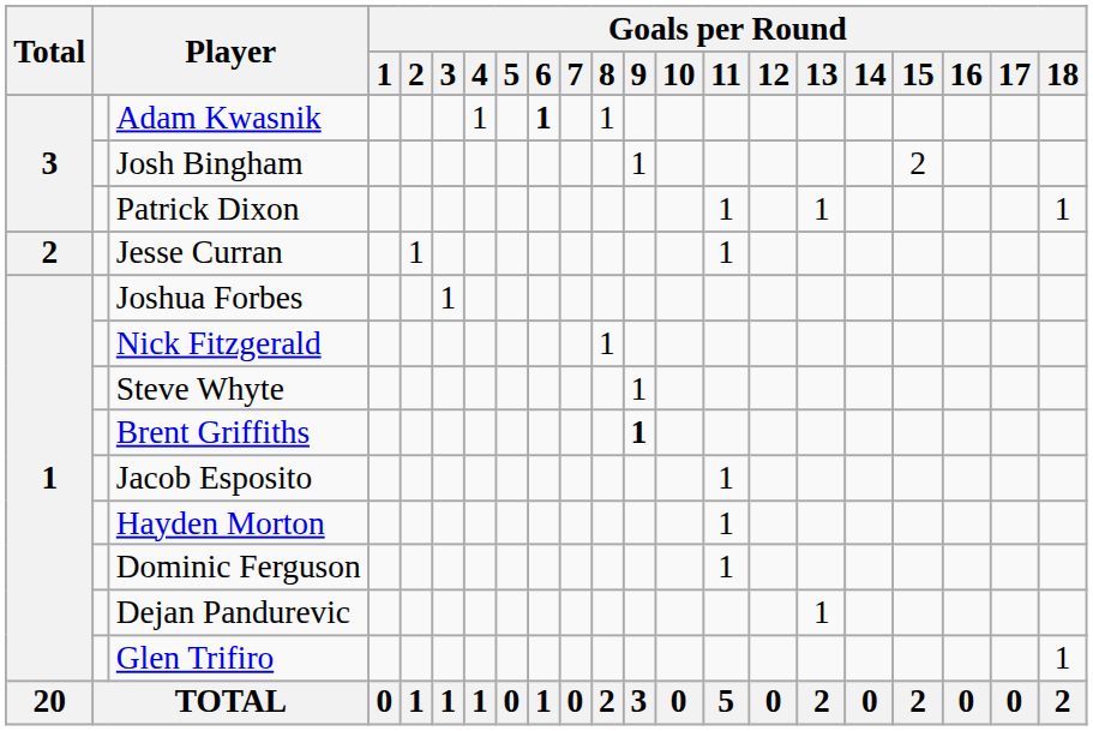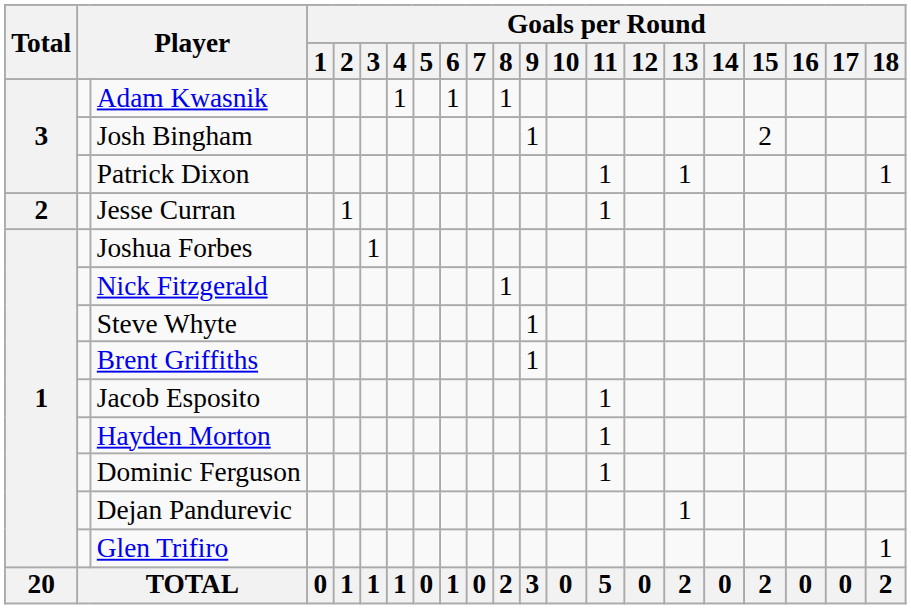 <table class="wikitable" style="text-align:center; line-height: 90%; font-size:90%;">
 <tr>
 <th rowspan="2">Total</th>
 <th rowspan="2" colspan="2">Player</th>
 <th colspan="34">Goals per Round</th>
 </tr>
 <tr>
 <th>1</th>
 <th>2</th>
 <th>3</th>
 <th>4</th>
 <th>5</th>
 <th>6</th>
 <th>7</th>
 <th>8</th>
 <th>9</th>
 <th>10</th>
 <th>11</th>
 <th>12</th>
 <th>13</th>
 <th>14</th>
 <th>15</th>
 <th>16</th>
 <th>17</th>
 <th>18</th>
 </tr>
 <tr>
 <th rowspan="3">3</th>
 <td></td>
 <td style="text-align:left;"><a href='#'>Adam Kwasnik</a></td>
 <td></td>
 <td></td>
 <td></td>
 <td>1</td>
 <td></td>
-<td><strong>1</strong></td>
+<td>1</td>
 <td></td>
 <td>1</td>
 <td></td>
 <td></td>
 <td></td>
 <td></td>
 <td></td>
 <td></td>
 <td></td>
 <td></td>
 <td></td>
 <td></td>
 </tr>
 <tr>
 <td></td>
 <td style="text-align:left;">Josh Bingham</td>
 <td></td>
 <td></td>
 <td></td>
 <td></td>
 <td></td>
 <td></td>
 <td></td>
 <td></td>
 <td>1</td>
 <td></td>
 <td></td>
 <td></td>
 <td></td>
 <td></td>
 <td>2</td>
 <td></td>
 <td></td>
 <td></td>
 </tr>
 <tr>
 <td></td>
 <td style="text-align:left;">Patrick Dixon</td>
 <td></td>
 <td></td>
 <td></td>
 <td></td>
 <td></td>
 <td></td>
 <td></td>
 <td></td>
 <td></td>
 <td></td>
 <td>1</td>
 <td></td>
 <td>1</td>
 <td></td>
 <td></td>
 <td></td>
 <td></td>
 <td>1</td>
 </tr>
 <tr>
 <th rowspan="1">2</th>
 <td></td>
 <td style="text-align:left;">Jesse Curran</td>
 <td></td>
 <td>1</td>
 <td></td>
 <td></td>
 <td></td>
 <td></td>
 <td></td>
 <td></td>
 <td></td>
 <td></td>
 <td>1</td>
 <td></td>
 <td></td>
 <td></td>
 <td></td>
 <td></td>
 <td></td>
 <td></td>
 </tr>
 <tr>
 <th rowspan="9">1</th>
 <td></td>
 <td style="text-align:left;">Joshua Forbes</td>
 <td></td>
 <td></td>
 <td>1</td>
 <td></td>
 <td></td>
 <td></td>
 <td></td>
 <td></td>
 <td></td>
 <td></td>
 <td></td>
 <td></td>
 <td></td>
 <td></td>
 <td></td>
 <td></td>
 <td></td>
 <td></td>
 </tr>
 <tr>
 <td></td>
 <td style="text-align:left;"><a href='#'>Nick Fitzgerald</a></td>
 <td></td>
 <td></td>
 <td></td>
 <td></td>
 <td></td>
 <td></td>
 <td></td>
 <td>1</td>
 <td></td>
 <td></td>
 <td></td>
 <td></td>
 <td></td>
 <td></td>
 <td></td>
 <td></td>
 <td></td>
 <td></td>
 </tr>
 <tr>
 <td></td>
 <td style="text-align:left;">Steve Whyte</td>
 <td></td>
 <td></td>
 <td></td>
 <td></td>
 <td></td>
 <td></td>
 <td></td>
 <td></td>
 <td>1</td>
 <td></td>
 <td></td>
 <td></td>
 <td></td>
 <td></td>
 <td></td>
 <td></td>
 <td></td>
 <td></td>
 </tr>
 <tr>
 <td></td>
 <td style="text-align:left;"><a href='#'>Brent Griffiths</a></td>
 <td></td>
 <td></td>
 <td></td>
 <td></td>
 <td></td>
 <td></td>
 <td></td>
 <td></td>
-<td><strong>1</strong></td>
+<td>1</td>
 <td></td>
 <td></td>
 <td></td>
 <td></td>
 <td></td>
 <td></td>
 <td></td>
 <td></td>
 <td></td>
 </tr>
 <tr>
 <td></td>
 <td style="text-align:left;">Jacob Esposito</td>
 <td></td>
 <td></td>
 <td></td>
 <td></td>
 <td></td>
 <td></td>
 <td></td>
 <td></td>
 <td></td>
 <td></td>
 <td>1</td>
 <td></td>
 <td></td>
 <td></td>
 <td></td>
 <td></td>
 <td></td>
 <td></td>
 </tr>
 <tr>
 <td></td>
 <td style="text-align:left;"><a href='#'>Hayden Morton</a></td>
 <td></td>
 <td></td>
 <td></td>
 <td></td>
 <td></td>
 <td></td>
 <td></td>
 <td></td>
 <td></td>
 <td></td>
 <td>1</td>
 <td></td>
 <td></td>
 <td></td>
 <td></td>
 <td></td>
 <td></td>
 <td></td>
 </tr>
 <tr>
 <td></td>
 <td style="text-align:left;">Dominic Ferguson</td>
 <td></td>
 <td></td>
 <td></td>
 <td></td>
 <td></td>
 <td></td>
 <td></td>
 <td></td>
 <td></td>
 <td></td>
 <td>1</td>
 <td></td>
 <td></td>
 <td></td>
 <td></td>
 <td></td>
 <td></td>
 <td></td>
 </tr>
 <tr>
 <td></td>
 <td style="text-align:left;">Dejan Pandurevic</td>
 <td></td>
 <td></td>
 <td></td>
 <td></td>
 <td></td>
 <td></td>
 <td></td>
 <td></td>
 <td></td>
 <td></td>
 <td></td>
 <td></td>
 <td>1</td>
 <td></td>
 <td></td>
 <td></td>
 <td></td>
 <td></td>
 </tr>
 <tr>
 <td></td>
 <td style="text-align:left;"><a href='#'>Glen Trifiro</a></td>
 <td></td>
 <td></td>
 <td></td>
 <td></td>
 <td></td>
 <td></td>
 <td></td>
 <td></td>
 <td></td>
 <td></td>
 <td></td>
 <td></td>
 <td></td>
 <td></td>
 <td></td>
 <td></td>
 <td></td>
 <td>1</td>
 </tr>
 <tr>
 <th rowspan="1">20</th>
 <th colspan="2">TOTAL</th>
 <th style="text-align:center;">0</th>
 <th>1</th>
 <th>1</th>
 <th>1</th>
 <th>0</th>
 <th>1</th>
 <th>0</th>
 <th>2</th>
 <th>3</th>
 <th>0</th>
 <th>5</th>
 <th>0</th>
 <th>2</th>
 <th>0</th>
 <th>2</th>
 <th>0</th>
 <th>0</th>
 <th>2</th>
 </tr>
 </table>
